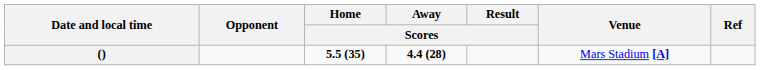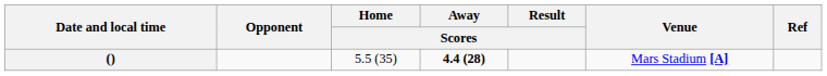 <table class="wikitable plainrowheaders" style="font-size:90%; width:100%; text-align:center;">
 <tr>
 <th scope="col" rowspan="2">Date and local time</th>
 <th scope="col" rowspan="2">Opponent</th>
 <th scope="col">Home</th>
 <th scope="col">Away</th>
 <th scope="col">Result</th>
 <th scope="col" rowspan="2">Venue</th>
 <th scope="col" class="unsortable" rowspan=2>Ref</th>
 </tr>
 <tr>
 <th scope="col" colspan="3">Scores</th>
 </tr>
 <tr>
 <th scope="row"> ()</th>
 <td align=left></td>
-<td><strong>5.5 (35)</strong></td>
+<td>5.5 (35)</td>
 <td><strong>4.4 (28)</strong></td>
 <td></td>
 <td><a href='#'>Mars Stadium</a> <a href='#'><strong>[A]</strong></a></td>
 <td></td>
 </tr>
 </table>
